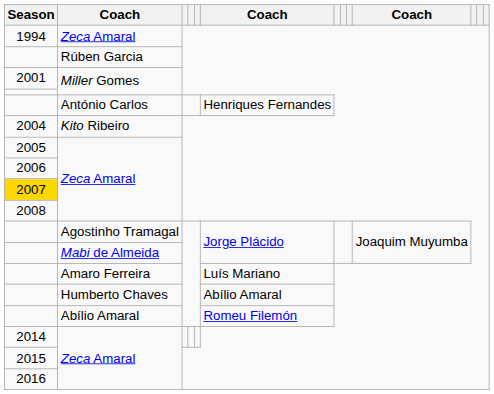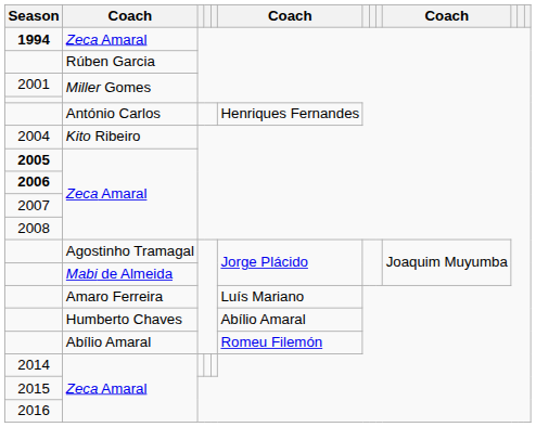 <table class="wikitable" style="text-align:center;">
 <tr>
 <th>Season</th>
 <th>Coach</th>
 <th></th>
 <th></th>
 <th></th>
 <th>Coach</th>
 <th></th>
 <th></th>
 <th></th>
 <th>Coach</th>
 <th></th>
 <th></th>
 <th></th>
 </tr>
 <tr>
-<td>1994</td>
+<td><strong>1994</strong></td>
 <td align=left> <a href='#'><em>Zeca</em> Amaral</a></td>
 </tr>
 <tr>
 <td></td>
 <td align=left> Rúben Garcia</td>
 </tr>
 <tr>
 <td>2001</td>
 <td align=left rowspan=2> <em>Miller</em> Gomes</td>
 </tr>
 <tr>
 <td></td>
 </tr>
 <tr>
 <td></td>
 <td align=left> António Carlos</td>
 <td colspan=3></td>
 <td align=left> Henriques Fernandes</td>
 </tr>
 <tr>
 <td>2004</td>
 <td align=left> <em>Kito</em> Ribeiro</td>
 </tr>
 <tr>
-<td>2005</td>
+<td><strong>2005</strong></td>
 <td align=left rowspan=4> <a href='#'><em>Zeca</em> Amaral</a></td>
 </tr>
 <tr>
-<td>2006</td>
+<td><strong>2006</strong></td>
 </tr>
 <tr>
-<td style="background: gold;">2007</td>
+<td>2007</td>
 </tr>
 <tr>
 <td>2008</td>
 </tr>
 <tr>
 <td></td>
 <td align=left> Agostinho Tramagal</td>
 <td rowspan=5 colspan=3></td>
 <td align=left rowspan=2> <a href='#'>Jorge Plácido</a></td>
 <td rowspan=2 colspan=3></td>
 <td align=left rowspan=2> Joaquim Muyumba</td>
 </tr>
 <tr>
 <td></td>
 <td align=left> <a href='#'><em>Mabi</em> de Almeida</a></td>
 </tr>
 <tr>
 <td></td>
 <td align=left> Amaro Ferreira</td>
 <td align=left> Luís Mariano</td>
 </tr>
 <tr>
 <td></td>
 <td align=left> Humberto Chaves</td>
 <td align=left> Abílio Amaral</td>
 </tr>
 <tr>
 <td></td>
 <td align=left> Abílio Amaral</td>
 <td align=left> <a href='#'>Romeu Filemón</a></td>
 </tr>
 <tr>
 <td>2014</td>
 <td align=left rowspan=3> <a href='#'><em>Zeca</em> Amaral</a></td>
 <td></td>
 <td></td>
 <td></td>
 </tr>
 <tr>
 <td>2015</td>
 </tr>
 <tr>
 <td>2016</td>
 </tr>
 </table>
